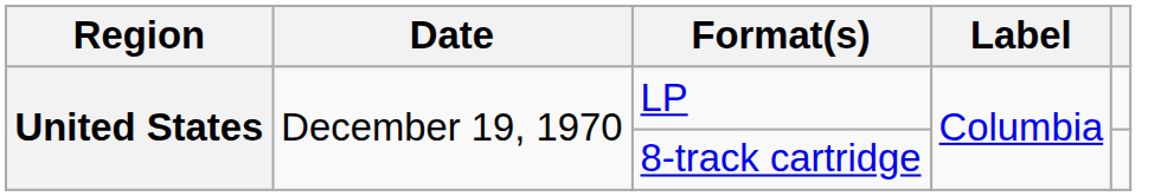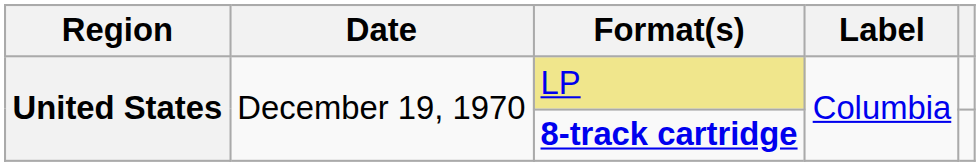 <table class="wikitable plainrowheaders">
 <tr>
 <th scope="col">Region</th>
 <th scope="col">Date</th>
 <th scope="col">Format(s)</th>
 <th scope="col">Label</th>
 <th scope="col"></th>
 </tr>
 <tr>
 <th scope="row" rowspan="2">United States</th>
 <td rowspan="2">December 19, 1970</td>
-<td><a href='#'>LP</a></td>
+<td style="background: khaki;"><a href='#'>LP</a></td>
 <td rowspan="2"><a href='#'>Columbia</a></td>
 <td></td>
 </tr>
 <tr>
-<td><a href='#'>8-track cartridge</a></td>
+<td><strong><a href='#'>8-track cartridge</a></strong></td>
 <td></td>
 </tr>
 </table>
